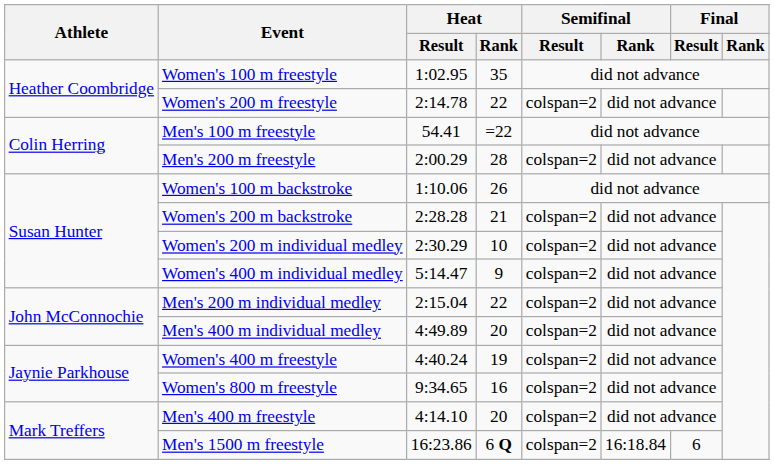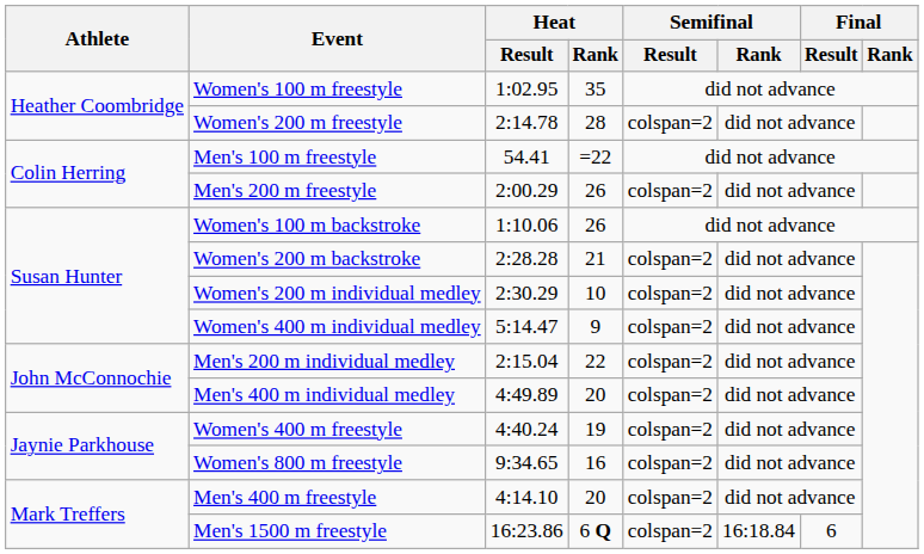 <table class="wikitable" style="font-size:90%;text-align:center;">
 <tr>
 <th rowspan=2>Athlete</th>
 <th rowspan=2>Event</th>
 <th colspan=2>Heat</th>
 <th colspan=2>Semifinal</th>
 <th colspan=2>Final</th>
 </tr>
 <tr style="font-size:95%">
 <th>Result</th>
 <th>Rank</th>
 <th>Result</th>
 <th>Rank</th>
 <th>Result</th>
 <th>Rank</th>
 </tr>
 <tr align=center>
 <td align=left rowspan=2><a href='#'>Heather Coombridge</a></td>
 <td align=left><a href='#'>Women's 100 m freestyle</a></td>
 <td>1:02.95</td>
 <td>35</td>
 <td colspan=4>did not advance</td>
 </tr>
 <tr align=center>
 <td align=left><a href='#'>Women's 200 m freestyle</a></td>
 <td>2:14.78</td>
-<td>22</td>
+<td>28</td>
 <td>colspan=2 </td>
 <td colspan=2>did not advance</td>
 </tr>
 <tr align=center>
 <td align=left rowspan=2><a href='#'>Colin Herring</a></td>
 <td align=left><a href='#'>Men's 100 m freestyle</a></td>
 <td>54.41</td>
 <td>=22</td>
 <td colspan=4>did not advance</td>
 </tr>
 <tr align=center>
 <td align=left><a href='#'>Men's 200 m freestyle</a></td>
 <td>2:00.29</td>
-<td>28</td>
+<td>26</td>
 <td>colspan=2 </td>
 <td colspan=2>did not advance</td>
 </tr>
 <tr align=center>
 <td align=left rowspan=4><a href='#'>Susan Hunter</a></td>
 <td align=left><a href='#'>Women's 100 m backstroke</a></td>
 <td>1:10.06</td>
 <td>26</td>
 <td colspan=4>did not advance</td>
 </tr>
 <tr align=center>
 <td align=left><a href='#'>Women's 200 m backstroke</a></td>
 <td>2:28.28</td>
 <td>21</td>
 <td>colspan=2 </td>
 <td colspan=2>did not advance</td>
 </tr>
 <tr align=center>
 <td align=left><a href='#'>Women's 200 m individual medley</a></td>
 <td>2:30.29</td>
 <td>10</td>
 <td>colspan=2 </td>
 <td colspan=2>did not advance</td>
 </tr>
 <tr align=center>
 <td align=left><a href='#'>Women's 400 m individual medley</a></td>
 <td>5:14.47</td>
 <td>9</td>
 <td>colspan=2 </td>
 <td colspan=2>did not advance</td>
 </tr>
 <tr align=center>
 <td align=left rowspan=2><a href='#'>John McConnochie</a></td>
 <td align=left><a href='#'>Men's 200 m individual medley</a></td>
 <td>2:15.04</td>
 <td>22</td>
 <td>colspan=2 </td>
 <td colspan=2>did not advance</td>
 </tr>
 <tr align=center>
 <td align=left><a href='#'>Men's 400 m individual medley</a></td>
 <td>4:49.89</td>
 <td>20</td>
 <td>colspan=2 </td>
 <td colspan=2>did not advance</td>
 </tr>
 <tr align=center>
 <td align=left rowspan=2><a href='#'>Jaynie Parkhouse</a></td>
 <td align=left><a href='#'>Women's 400 m freestyle</a></td>
 <td>4:40.24</td>
 <td>19</td>
 <td>colspan=2 </td>
 <td colspan=2>did not advance</td>
 </tr>
 <tr align=center>
 <td align=left><a href='#'>Women's 800 m freestyle</a></td>
 <td>9:34.65</td>
 <td>16</td>
 <td>colspan=2 </td>
 <td colspan=2>did not advance</td>
 </tr>
 <tr align=center>
 <td align=left rowspan=2><a href='#'>Mark Treffers</a></td>
 <td align=left><a href='#'>Men's 400 m freestyle</a></td>
 <td>4:14.10</td>
 <td>20</td>
 <td>colspan=2 </td>
 <td colspan=2>did not advance</td>
 </tr>
 <tr align=center>
 <td align=left><a href='#'>Men's 1500 m freestyle</a></td>
 <td>16:23.86</td>
 <td>6 <strong>Q</strong></td>
 <td>colspan=2 </td>
 <td>16:18.84</td>
 <td>6</td>
 </tr>
 </table>
